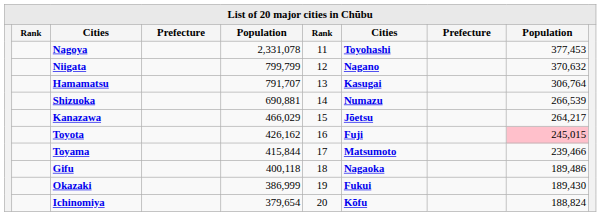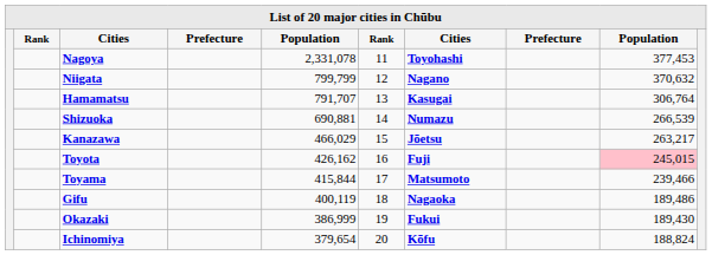 <table class="wikitable" style="text-align:left; width:100%; margin-right:10px; font-size:100%">
 <tr>
 <th colspan="10" style="text-align:center; background:#e9e9e9; padding:0.3em; line-height:1.2em;"><strong>List of 20 major cities in Chūbu</strong></th>
 </tr>
 <tr>
 <th rowspan=30><br><br></th>
 <th style="text-align:center; background:#f5f5f5;"><small>Rank</small></th>
 <th style="text-align:center; background:#f5f5f5;">Cities</th>
 <th style="text-align:center; background:#f5f5f5;">Prefecture</th>
 <th style="text-align:center; background:#f5f5f5;">Population</th>
 <th style="text-align:center; background:#f5f5f5;"><small>Rank</small></th>
 <th style="text-align:center; background:#f5f5f5;">Cities</th>
 <th style="text-align:center; background:#f5f5f5;">Prefecture</th>
 <th style="text-align:center; background:#f5f5f5;">Population</th>
 <th rowspan=21><br><br></th>
 </tr>
 <tr>
 <td style=“text-align:center; background:#f0f0f0”></td>
 <td align=left> <strong><a href='#'>Nagoya</a></strong></td>
 <td></td>
 <td align=right>2,331,078</td>
 <td style="text-align:center">11</td>
 <td align=left> <strong><a href='#'>Toyohashi</a></strong></td>
 <td></td>
 <td align=right>377,453</td>
 </tr>
 <tr>
 <td style=“text-align:center; background:#f0f0f0”></td>
 <td align=left> <strong><a href='#'>Niigata</a></strong></td>
 <td></td>
 <td align=right>799,799</td>
 <td style="text-align:center">12</td>
 <td align=left> <strong><a href='#'>Nagano</a></strong></td>
 <td></td>
 <td align=right>370,632</td>
 </tr>
 <tr>
 <td style=“text-align:center; background:#f0f0f0”></td>
 <td align=left> <strong><a href='#'>Hamamatsu</a></strong></td>
 <td></td>
 <td align=right>791,707</td>
 <td style="text-align:center">13</td>
 <td align=left> <strong><a href='#'>Kasugai</a></strong></td>
 <td></td>
 <td align=right>306,764</td>
 </tr>
 <tr>
 <td style=“text-align:center; background:#f0f0f0”></td>
 <td align=left> <strong><a href='#'>Shizuoka</a></strong></td>
 <td></td>
 <td align=right>690,881</td>
 <td style="text-align:center">14</td>
 <td align=left> <strong><a href='#'>Numazu</a></strong></td>
 <td></td>
 <td align=right>266,539</td>
 </tr>
 <tr>
 <td style=“text-align:center; background:#f0f0f0”></td>
 <td align=left> <strong><a href='#'>Kanazawa</a></strong></td>
 <td></td>
 <td align=right>466,029</td>
 <td style="text-align:center">15</td>
 <td align=left> <strong><a href='#'>Jōetsu</a></strong></td>
 <td></td>
-<td align=right>264,217</td>
+<td align=right>263,217</td>
 </tr>
 <tr>
 <td style=“text-align:center; background:#f0f0f0”></td>
 <td align=left> <strong><a href='#'>Toyota</a></strong></td>
 <td></td>
 <td align=right>426,162</td>
 <td style="text-align:center">16</td>
 <td align=left> <strong><a href='#'>Fuji</a></strong></td>
 <td></td>
 <td align=right style="background: pink;">245,015</td>
 </tr>
 <tr>
 <td style=“text-align:center; background:#f0f0f0”></td>
 <td align=left> <strong><a href='#'>Toyama</a></strong></td>
 <td></td>
 <td align=right>415,844</td>
 <td style="text-align:center">17</td>
 <td align=left> <strong><a href='#'>Matsumoto</a></strong></td>
 <td></td>
 <td align=right>239,466</td>
 </tr>
 <tr>
 <td style=“text-align:center; background:#f0f0f0”></td>
 <td align=left> <strong><a href='#'>Gifu</a></strong></td>
 <td></td>
-<td align=right>400,118</td>
+<td align=right>400,119</td>
 <td style="text-align:center">18</td>
 <td align=left> <strong><a href='#'>Nagaoka</a></strong></td>
 <td></td>
 <td align=right>189,486</td>
 </tr>
 <tr>
 <td style=“text-align:center; background:#f0f0f0”></td>
 <td align=left> <strong><a href='#'>Okazaki</a></strong></td>
 <td></td>
 <td align=right>386,999</td>
 <td style="text-align:center">19</td>
 <td align=left> <strong><a href='#'>Fukui</a></strong></td>
 <td></td>
 <td align=right>189,430</td>
 </tr>
 <tr>
 <td style=“background:#f0f0f0”></td>
 <td align=left> <strong><a href='#'>Ichinomiya</a></strong></td>
 <td></td>
 <td align=right>379,654</td>
 <td style="text-align:center">20</td>
 <td align=left> <strong><a href='#'>Kōfu</a></strong></td>
 <td></td>
 <td align=right>188,824</td>
 </tr>
 </table>
